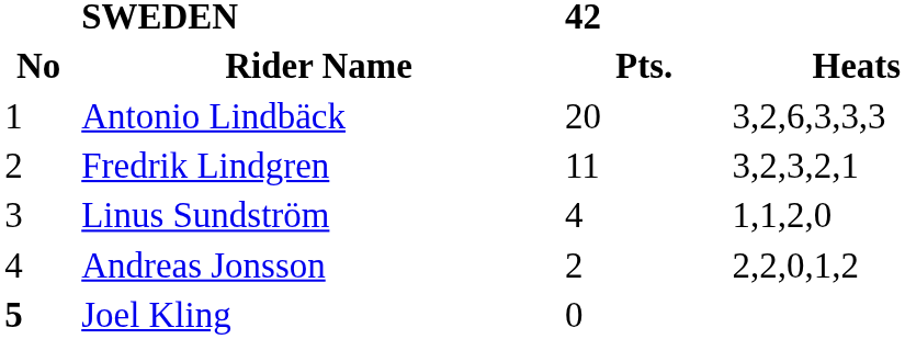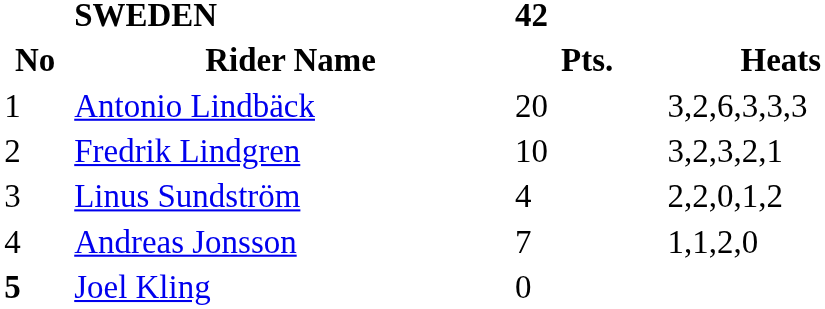 <table class="toccolours">
 <tr>
 <td></td>
 <td><strong>SWEDEN</strong></td>
 <td><strong>42</strong></td>
 </tr>
 <tr style="background-color:">
 <th width=30px>No</th>
 <th width=210px>Rider Name</th>
 <th width=70px>Pts.</th>
 <th width=110px>Heats</th>
 </tr>
 <tr style="background-color:">
 <td>1</td>
 <td><a href='#'>Antonio Lindbäck</a></td>
 <td>20</td>
 <td>3,2,6,3,3,3</td>
 </tr>
 <tr style="background-color:">
 <td>2</td>
 <td><a href='#'>Fredrik Lindgren</a></td>
-<td>11</td>
+<td>10</td>
 <td>3,2,3,2,1</td>
 </tr>
 <tr style="background-color:">
 <td>3</td>
 <td><a href='#'>Linus Sundström</a></td>
 <td>4</td>
-<td>1,1,2,0</td>
+<td>2,2,0,1,2</td>
 </tr>
 <tr style="background-color:">
 <td>4</td>
 <td><a href='#'>Andreas Jonsson</a></td>
-<td>2</td>
-<td>2,2,0,1,2</td>
+<td>7</td>
+<td>1,1,2,0</td>
 </tr>
 <tr style="background-color:">
 <td><strong>5</strong></td>
 <td><a href='#'>Joel Kling</a></td>
 <td>0</td>
 <td></td>
 </tr>
 </table>
